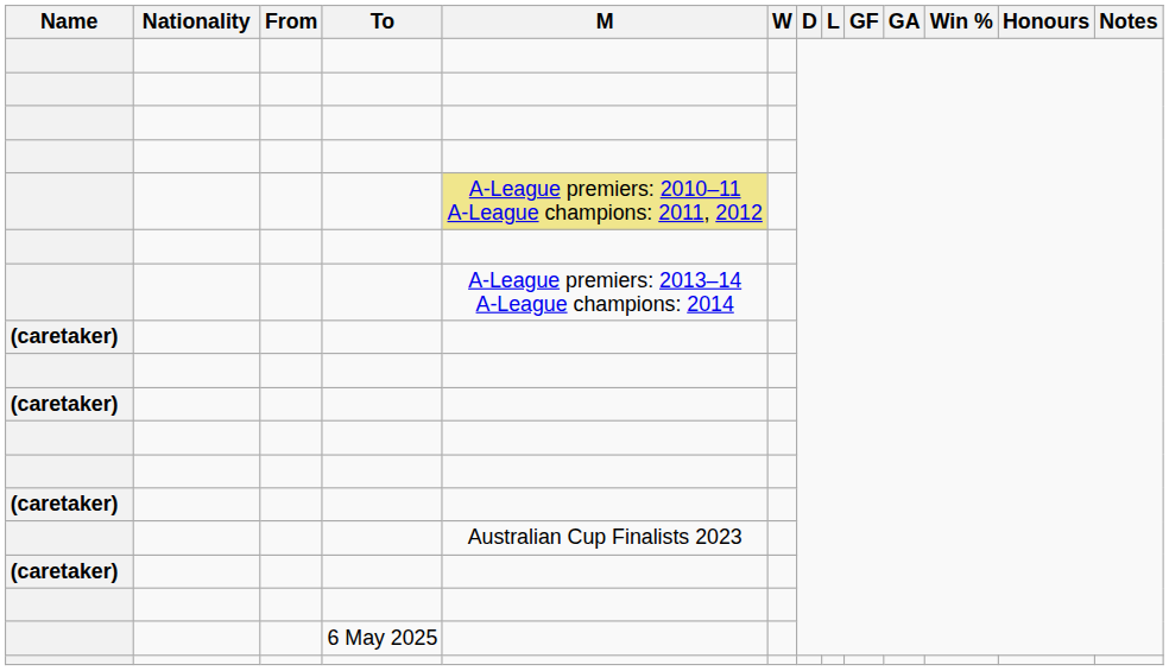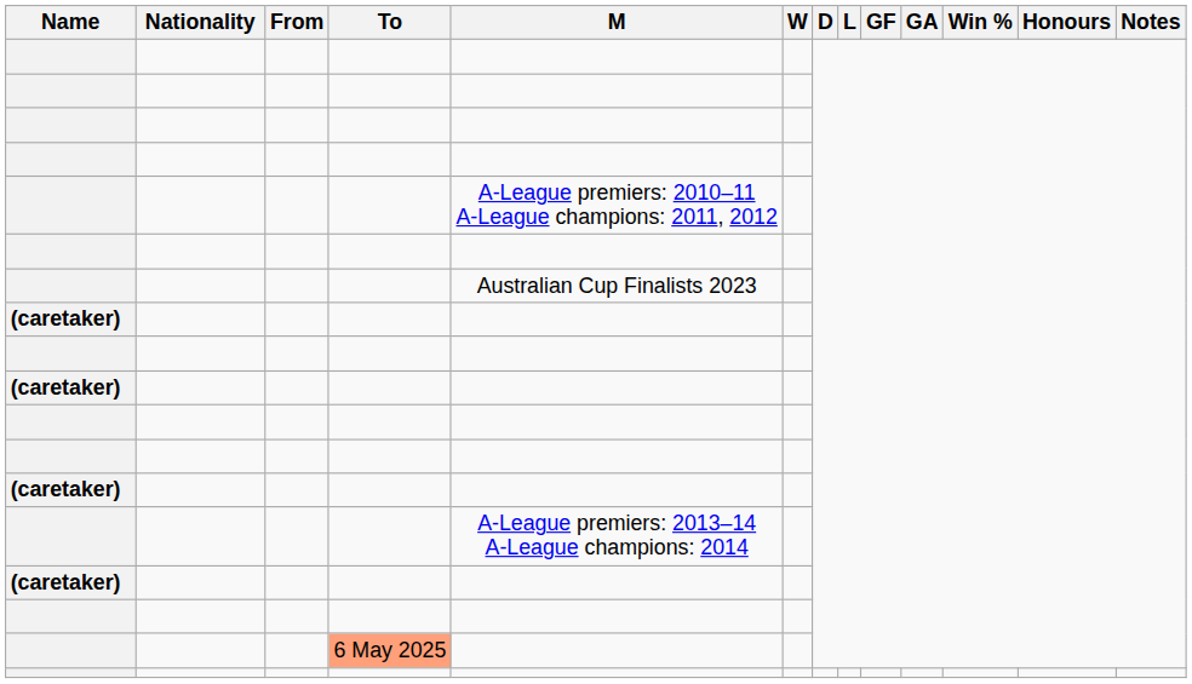 <table class="wikitable plainrowheaders sortable" style="text-align:center">
 <tr>
 <th width=11%>Name</th>
 <th width=11%>Nationality</th>
 <th>From</th>
 <th>To</th>
 <th>M</th>
 <th>W</th>
 <th>D</th>
 <th>L</th>
 <th>GF</th>
 <th>GA</th>
 <th>Win %</th>
 <th class="unsortable">Honours</th>
 <th class="unsortable">Notes</th>
 </tr>
 <tr>
 <th scope=row style=text-align:left></th>
 <td align=left></td>
 <td align=left></td>
 <td align=left><br></td>
 <td></td>
 <td></td>
 </tr>
 <tr>
 <th scope=row style=text-align:left></th>
 <td align=left></td>
 <td align=left></td>
 <td align=left><br></td>
 <td></td>
 <td></td>
 </tr>
 <tr>
 <th scope=row style=text-align:left></th>
 <td align=left></td>
 <td align=left></td>
 <td align=left><br></td>
 <td></td>
 <td></td>
 </tr>
 <tr>
 <th scope=row style=text-align:left></th>
 <td align=left></td>
 <td align=left></td>
 <td align=left><br></td>
 <td></td>
 <td></td>
 </tr>
 <tr>
 <th scope=row style=text-align:left></th>
 <td align=left></td>
 <td align=left></td>
 <td align=left><br></td>
-<td style="background: khaki;"><a href='#'>A-League</a> premiers: <a href='#'>2010–11</a><br><a href='#'>A-League</a> champions: <a href='#'>2011</a>, <a href='#'>2012</a></td>
+<td><a href='#'>A-League</a> premiers: <a href='#'>2010–11</a><br><a href='#'>A-League</a> champions: <a href='#'>2011</a>, <a href='#'>2012</a></td>
 <td></td>
 </tr>
 <tr>
 <th scope=row style=text-align:left></th>
 <td align=left></td>
 <td align=left></td>
 <td align=left><br></td>
 <td></td>
 <td></td>
 </tr>
 <tr>
 <th scope=row style=text-align:left></th>
 <td align=left></td>
 <td align=left></td>
 <td align=left><br></td>
-<td><a href='#'>A-League</a> premiers: <a href='#'>2013–14</a><br><a href='#'>A-League</a> champions: <a href='#'>2014</a></td>
+<td>Australian Cup Finalists 2023</td>
 <td></td>
 </tr>
 <tr>
 <th scope=row style=text-align:left> (caretaker)</th>
 <td align=left></td>
 <td align=left></td>
 <td align=left><br></td>
 <td></td>
 <td></td>
 </tr>
 <tr>
 <th scope=row style=text-align:left></th>
 <td align=left></td>
 <td align=left></td>
 <td align=left><br></td>
 <td></td>
 <td></td>
 </tr>
 <tr>
 <th scope=row style=text-align:left> (caretaker)</th>
 <td align=left></td>
 <td align=left></td>
 <td align=left><br></td>
 <td></td>
 <td></td>
 </tr>
 <tr>
 <th scope=row style=text-align:left></th>
 <td align=left></td>
 <td align=left></td>
 <td align=left><br></td>
 <td></td>
 <td></td>
 </tr>
 <tr>
 <th scope=row style=text-align:left></th>
 <td align=left></td>
 <td align=left></td>
 <td align=left><br></td>
 <td></td>
 <td></td>
 </tr>
 <tr>
 <th scope=row style=text-align:left> (caretaker)</th>
 <td align=left></td>
 <td align=left></td>
 <td align=left><br></td>
 <td></td>
 <td></td>
 </tr>
 <tr>
 <th scope=row style=text-align:left></th>
 <td align=left></td>
 <td align=left></td>
 <td align=left><br></td>
-<td>Australian Cup Finalists 2023</td>
+<td><a href='#'>A-League</a> premiers: <a href='#'>2013–14</a><br><a href='#'>A-League</a> champions: <a href='#'>2014</a></td>
 <td></td>
 </tr>
 <tr>
 <th scope=row style=text-align:left> (caretaker)</th>
 <td align=left></td>
 <td align=left></td>
 <td align=left><br></td>
 <td></td>
 <td></td>
 </tr>
 <tr>
 <th scope=row style=text-align:left></th>
 <td align=left></td>
 <td align=left></td>
 <td align=left><br></td>
 <td></td>
 <td></td>
 </tr>
 <tr>
 <th scope=row style=text-align:left></th>
 <td align=left></td>
 <td align=left></td>
-<td align=left>6 May 2025<br></td>
+<td align=left style="background: lightsalmon;">6 May 2025<br></td>
 <td></td>
 <td></td>
 </tr>
 <tr>
 <th scope=row style=text-align:left></th>
 <td align=left></td>
 <td align=left></td>
 <td></td>
 <td></td>
 <td></td>
 <td></td>
 <td></td>
 <td></td>
 <td></td>
 <td></td>
 <td></td>
 <td></td>
 </tr>
 </table>
